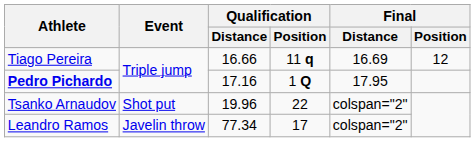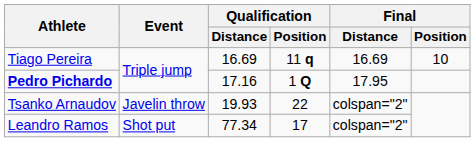 <table class="wikitable" style="font-size:90%">
 <tr>
 <th rowspan="2">Athlete</th>
 <th rowspan="2">Event</th>
 <th colspan="2">Qualification</th>
 <th colspan="2">Final</th>
 </tr>
 <tr style="font-size:95%">
 <th>Distance</th>
 <th>Position</th>
 <th>Distance</th>
 <th>Position</th>
 </tr>
 <tr align="center">
 <td align="left"><a href='#'>Tiago Pereira</a></td>
 <td rowspan="2" align="left"><a href='#'>Triple jump</a></td>
-<td>16.66</td>
+<td>16.69</td>
 <td>11 <strong>q</strong></td>
 <td>16.69</td>
-<td>12</td>
+<td>10</td>
 </tr>
 <tr align="center">
 <td align="left"><strong><a href='#'>Pedro Pichardo</a></strong></td>
 <td>17.16</td>
 <td>1 <strong>Q</strong></td>
 <td>17.95 </td>
 <td></td>
 </tr>
 <tr align="center">
 <td align="left"><a href='#'>Tsanko Arnaudov</a></td>
-<td align="left"><a href='#'>Shot put</a></td>
-<td>19.96</td>
+<td align="left"><a href='#'>Javelin throw</a></td>
+<td>19.93</td>
 <td>22</td>
 <td>colspan="2" </td>
 </tr>
 <tr align="center">
 <td align="left"><a href='#'>Leandro Ramos</a></td>
-<td align="left"><a href='#'>Javelin throw</a></td>
+<td align="left"><a href='#'>Shot put</a></td>
 <td>77.34</td>
 <td>17</td>
 <td>colspan="2" </td>
 </tr>
 </table>
